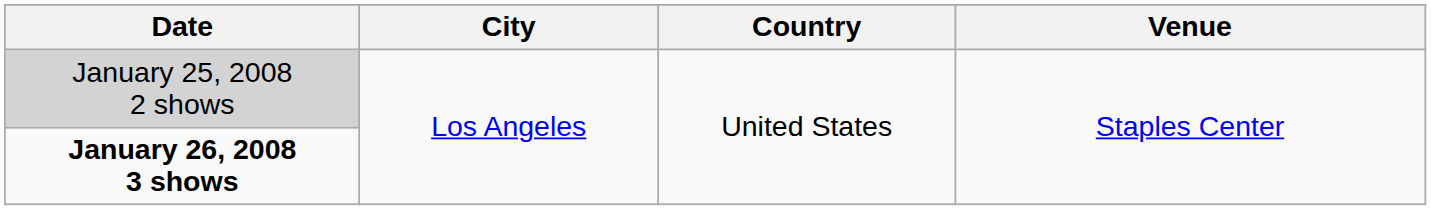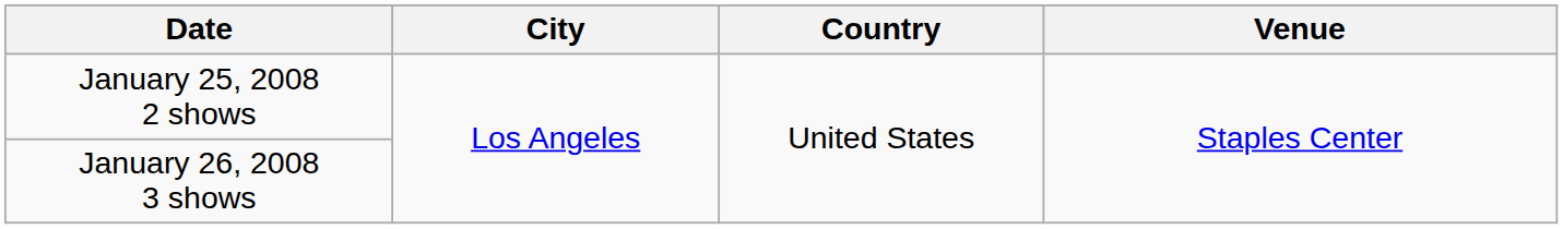 <table class="wikitable" style="text-align:center;">
 <tr>
 <th scope="col" style="width:12em;">Date</th>
 <th scope="col" style="width:10em;">City</th>
 <th scope="col" style="width:10em;">Country</th>
 <th scope="col" style="width:16em;">Venue</th>
 </tr>
 <tr>
-<td style="background: lightgrey;">January 25, 2008<br>2 shows</td>
+<td>January 25, 2008<br>2 shows</td>
 <td rowspan="2"><a href='#'>Los Angeles</a></td>
 <td rowspan="2">United States</td>
 <td rowspan="2"><a href='#'>Staples Center</a></td>
 </tr>
 <tr>
-<td><strong>January 26, 2008<br>3 shows</strong></td>
+<td>January 26, 2008<br>3 shows</td>
 </tr>
 </table>
